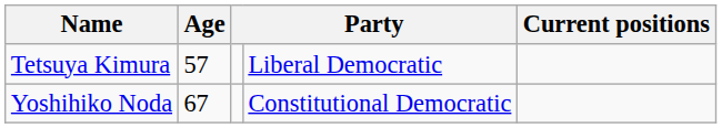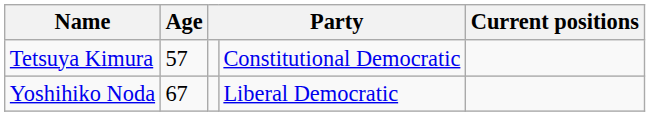 <table class="wikitable">
 <tr style="white-space:nowrap;">
 <th>Name</th>
 <th>Age</th>
 <th colspan=2>Party</th>
 <th>Current positions</th>
 </tr>
 <tr>
 <td><a href='#'>Tetsuya Kimura</a></td>
 <td>57</td>
 <td style="background:"></td>
-<td><a href='#'>Liberal Democratic</a></td>
+<td><a href='#'>Constitutional Democratic</a></td>
 <td><br></td>
 </tr>
 <tr>
 <td><a href='#'>Yoshihiko Noda</a></td>
 <td>67</td>
 <td style="background:"></td>
-<td><a href='#'>Constitutional Democratic</a></td>
+<td><a href='#'>Liberal Democratic</a></td>
 <td><br></td>
 </tr>
 </table>
